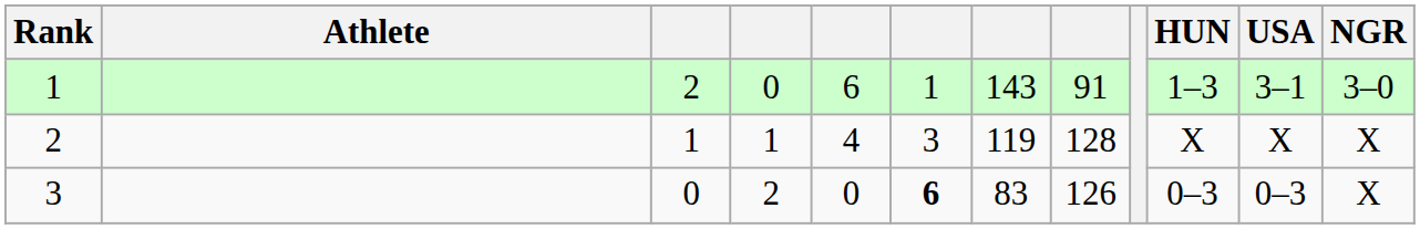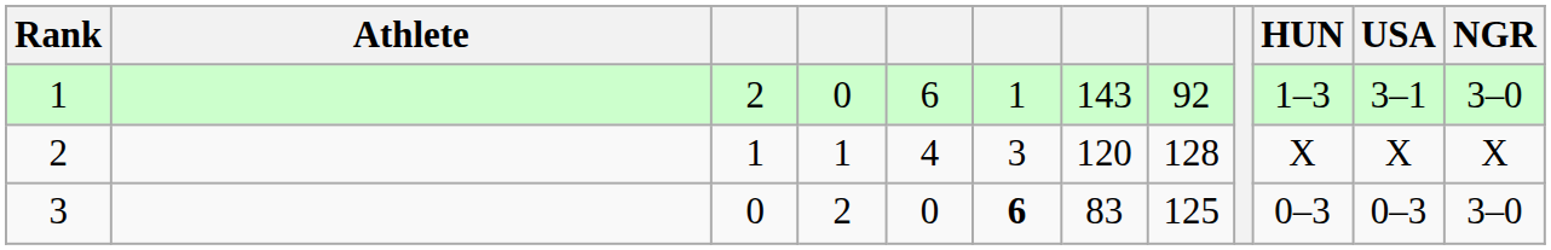 <table class="wikitable" style="text-align:center">
 <tr>
 <th>Rank</th>
 <th width=250>Athlete</th>
 <th width=30></th>
 <th width=30></th>
 <th width=30></th>
 <th width=30></th>
 <th width=30></th>
 <th width=30></th>
 <th rowspan=4></th>
 <th width=30>HUN</th>
 <th width=30>USA</th>
 <th width=30>NGR</th>
 </tr>
 <tr style="background-color:#ccffcc;">
 <td>1</td>
 <td align=left></td>
 <td>2</td>
 <td>0</td>
 <td>6</td>
 <td>1</td>
 <td>143</td>
-<td>91</td>
+<td>92</td>
 <td>1–3</td>
 <td>3–1</td>
 <td>3–0</td>
 </tr>
 <tr>
 <td>2</td>
 <td align=left></td>
 <td>1</td>
 <td>1</td>
 <td>4</td>
 <td>3</td>
-<td>119</td>
+<td>120</td>
 <td>128</td>
 <td>X</td>
 <td>X</td>
 <td>X</td>
 </tr>
 <tr>
 <td>3</td>
 <td align=left></td>
 <td>0</td>
 <td>2</td>
 <td>0</td>
 <td><strong>6</strong></td>
 <td>83</td>
-<td>126</td>
+<td>125</td>
 <td>0–3</td>
 <td>0–3</td>
-<td>X</td>
+<td>3–0</td>
 </tr>
 </table>
